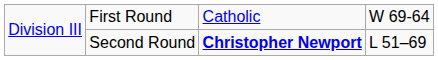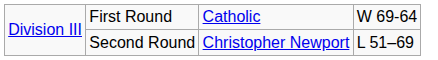 <table class="wikitable">
 <tr>
 <td rowspan="2"><a href='#'>Division III</a></td>
 <td>First Round</td>
 <td><a href='#'>Catholic</a></td>
 <td>W 69-64</td>
 </tr>
 <tr>
 <td>Second Round</td>
-<td><strong><a href='#'>Christopher Newport</a></strong></td>
+<td><a href='#'>Christopher Newport</a></td>
 <td>L 51–69</td>
 </tr>
 </table>
